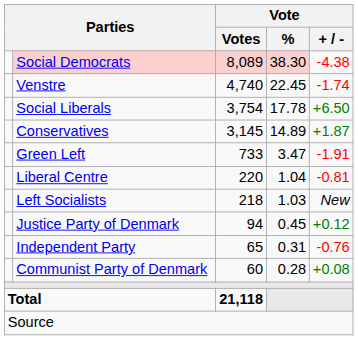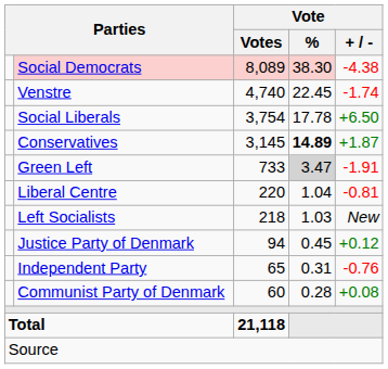 <table class="wikitable" style="text-align:right;">
 <tr>
 <th style="text-align:centre;" rowspan="2" colspan="2" width="225">Parties</th>
 <th colspan="3">Vote</th>
 </tr>
 <tr>
 <th width="15">Votes</th>
 <th width="15">%</th>
 <th width="15">+ / -</th>
 </tr>
 <tr>
 <td width="2" style="color:inherit;background:"></td>
 <td bgcolor=#fbd0ce  align="left"><a href='#'>Social Democrats</a></td>
 <td bgcolor=#fbd0ce>8,089</td>
 <td bgcolor=#fbd0ce>38.30</td>
 <td style=color:red;>-4.38</td>
 </tr>
 <tr>
 <td width="2" style="color:inherit;background:"></td>
 <td align="left"><a href='#'>Venstre</a></td>
 <td>4,740</td>
 <td>22.45</td>
 <td style=color:red;>-1.74</td>
 </tr>
 <tr>
 <td width="2" style="color:inherit;background:"></td>
 <td align="left"><a href='#'>Social Liberals</a></td>
 <td>3,754</td>
 <td>17.78</td>
 <td style=color:green;>+6.50</td>
 </tr>
 <tr>
 <td width="2" style="color:inherit;background:"></td>
 <td align="left"><a href='#'>Conservatives</a></td>
 <td>3,145</td>
-<td>14.89</td>
+<td><strong>14.89</strong></td>
 <td style=color:green;>+1.87</td>
 </tr>
 <tr>
 <td width="2" style="color:inherit;background:"></td>
 <td align="left"><a href='#'>Green Left</a></td>
 <td>733</td>
-<td>3.47</td>
+<td style="background: lightgrey;">3.47</td>
 <td style=color:red;>-1.91</td>
 </tr>
 <tr>
 <td width="2" style="color:inherit;background:"></td>
 <td align="left"><a href='#'>Liberal Centre</a></td>
 <td>220</td>
 <td>1.04</td>
 <td style=color:red;>-0.81</td>
 </tr>
 <tr>
 <td width="2" style="color:inherit;background:"></td>
 <td align="left"><a href='#'>Left Socialists</a></td>
 <td>218</td>
 <td>1.03</td>
 <td><em>New</em></td>
 </tr>
 <tr>
 <td width="2" style="color:inherit;background:"></td>
 <td align="left"><a href='#'>Justice Party of Denmark</a></td>
 <td>94</td>
 <td>0.45</td>
 <td style=color:green;>+0.12</td>
 </tr>
 <tr>
 <td width="2" style="color:inherit;background:"></td>
 <td align="left"><a href='#'>Independent Party</a></td>
 <td>65</td>
 <td>0.31</td>
 <td style=color:red;>-0.76</td>
 </tr>
 <tr>
 <td width="2" style="color:inherit;background:"></td>
 <td align="left"><a href='#'>Communist Party of Denmark</a></td>
 <td>60</td>
 <td>0.28</td>
 <td style=color:green;>+0.08</td>
 </tr>
 <tr>
 <td colspan="7" bgcolor="#E9E9E9"></td>
 </tr>
 <tr>
 <td align="left" colspan="2"><strong>Total</strong></td>
 <td><strong>21,118</strong></td>
 <td bgcolor="#E9E9E9" colspan="2"></td>
 </tr>
 <tr>
 <td align="left" colspan="6">Source</td>
 </tr>
 </table>
